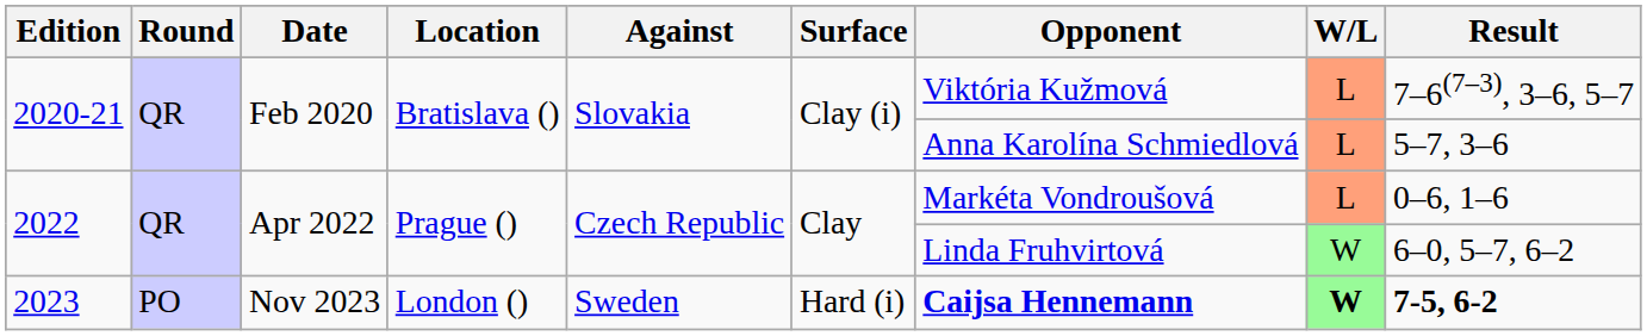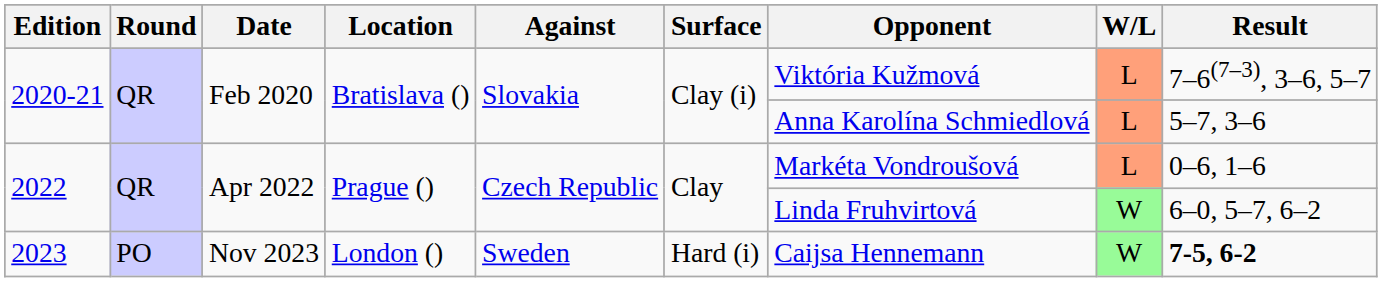 <table class=wikitable>
 <tr>
 <th>Edition</th>
 <th>Round</th>
 <th>Date</th>
 <th>Location</th>
 <th>Against</th>
 <th>Surface</th>
 <th>Opponent</th>
 <th>W/L</th>
 <th>Result</th>
 </tr>
 <tr>
 <td rowspan=2><a href='#'>2020-21</a></td>
 <td rowspan=2 bgcolor=CCCCFF>QR</td>
 <td rowspan=2>Feb 2020</td>
 <td rowspan="2"><a href='#'>Bratislava</a> ()</td>
 <td rowspan="2"> <a href='#'>Slovakia</a></td>
 <td rowspan=2>Clay (i)</td>
 <td><a href='#'>Viktória Kužmová</a></td>
 <td bgcolor="FFA07A" align="center">L</td>
 <td>7–6<sup>(7–3)</sup>, 3–6, 5–7</td>
 </tr>
 <tr>
 <td><a href='#'>Anna Karolína Schmiedlová</a></td>
 <td bgcolor="FFA07A" align="center">L</td>
 <td>5–7, 3–6</td>
 </tr>
 <tr>
 <td rowspan="2"><a href='#'>2022</a></td>
 <td rowspan=2 bgcolor=CCCCFF>QR</td>
 <td rowspan="2">Apr 2022</td>
 <td rowspan="2"><a href='#'>Prague</a> ()</td>
 <td rowspan="2"> <a href='#'>Czech Republic</a></td>
 <td rowspan="2">Clay</td>
 <td><a href='#'>Markéta Vondroušová</a></td>
 <td bgcolor="FFA07A" align="center">L</td>
 <td>0–6, 1–6</td>
 </tr>
 <tr>
 <td><a href='#'>Linda Fruhvirtová</a></td>
 <td bgcolor="98FB98" align="center">W</td>
 <td>6–0, 5–7, 6–2</td>
 </tr>
 <tr>
 <td rowspan="2"><a href='#'>2023</a></td>
 <td rowspan=2 bgcolor=CCCCFF>PO</td>
 <td rowspan="2">Nov 2023</td>
 <td rowspan="2"><a href='#'>London</a> ()</td>
 <td rowspan="2"> <a href='#'>Sweden</a></td>
 <td rowspan="2">Hard (i)</td>
-<td><strong><a href='#'>Caijsa Hennemann</a></strong></td>
-<td bgcolor="98FB98" align="center"><strong>W</strong></td>
+<td><a href='#'>Caijsa Hennemann</a></td>
+<td bgcolor="98FB98" align="center">W</td>
 <td><strong>7-5, 6-2</strong></td>
 </tr>
 </table>
